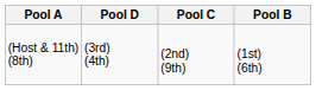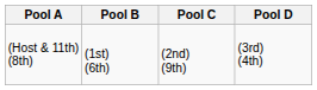 <table class="wikitable">
 <tr>
 <th width=25%>Pool A</th>
+<th width=25%>Pool B</th>
+<th width=25%>Pool C</th>
 <th width=25%>Pool D</th>
-<th width=25%>Pool C</th>
-<th width=25%>Pool B</th>
 </tr>
 <tr>
 <td valign=top><br> (Host & 11th)<br>  (8th)<br> </td>
+<td><br> (1st)<br>  (6th)<br> </td>
+<td><br> (2nd)<br>  (9th)<br> </td>
 <td><br> (3rd)<br>  (4th)<br> <br> </td>
-<td><br> (2nd)<br>  (9th)<br> </td>
-<td><br> (1st)<br>  (6th)<br> </td>
 </tr>
 </table>
